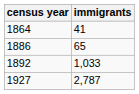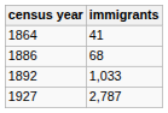 <table class="wikitable">
 <tr style="background:#CFCFCF;">
 <th><strong>census year</strong></th>
 <th><strong>immigrants</strong></th>
 </tr>
 <tr>
 <td>1864</td>
 <td>41</td>
 </tr>
 <tr>
 <td>1886</td>
-<td>65</td>
+<td>68</td>
 </tr>
 <tr>
 <td>1892</td>
 <td>1,033</td>
 </tr>
 <tr>
 <td>1927</td>
 <td>2,787</td>
 </tr>
 </table>
